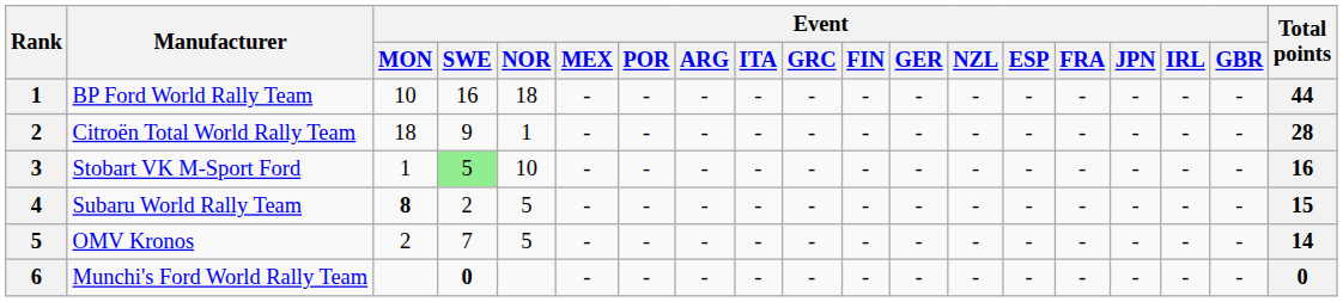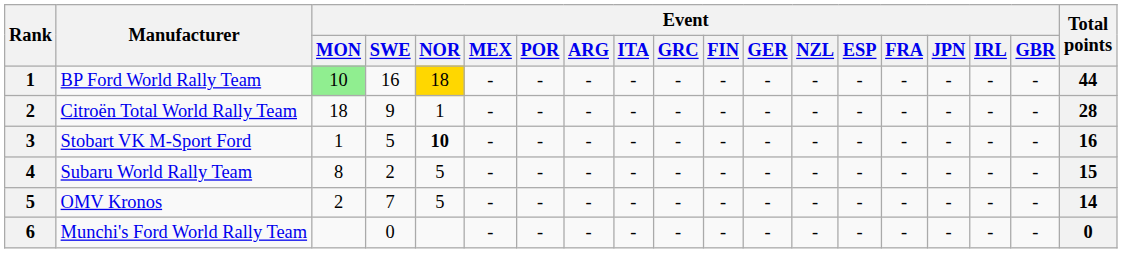 <table class="wikitable" style="text-align:center; font-size:90%;">
 <tr>
 <th rowspan=2>Rank</th>
 <th rowspan=2 style="width:16em">Manufacturer</th>
 <th colspan=16>Event</th>
 <th rowspan=2>Total<br>points</th>
 </tr>
 <tr valign="top">
 <th><a href='#'>MON</a><br></th>
 <th><a href='#'>SWE</a><br></th>
 <th><a href='#'>NOR</a><br></th>
 <th><a href='#'>MEX</a><br></th>
 <th><a href='#'>POR</a><br></th>
 <th><a href='#'>ARG</a><br></th>
 <th><a href='#'>ITA</a><br></th>
 <th><a href='#'>GRC</a><br></th>
 <th><a href='#'>FIN</a><br></th>
 <th><a href='#'>GER</a><br></th>
 <th><a href='#'>NZL</a><br></th>
 <th><a href='#'>ESP</a><br></th>
 <th><a href='#'>FRA</a><br></th>
 <th><a href='#'>JPN</a><br></th>
 <th><a href='#'>IRL</a><br></th>
 <th><a href='#'>GBR</a><br></th>
 </tr>
 <tr>
 <th>1</th>
 <td align=left><a href='#'>BP Ford World Rally Team</a></td>
-<td>10</td>
+<td style="background: lightgreen;">10</td>
 <td>16</td>
-<td>18</td>
+<td style="background: gold;">18</td>
 <td>-</td>
 <td>-</td>
 <td>-</td>
 <td>-</td>
 <td>-</td>
 <td>-</td>
 <td>-</td>
 <td>-</td>
 <td>-</td>
 <td>-</td>
 <td>-</td>
 <td>-</td>
 <td>-</td>
 <th>44</th>
 </tr>
 <tr>
 <th>2</th>
 <td align=left><a href='#'>Citroën Total World Rally Team</a></td>
 <td>18</td>
 <td>9</td>
 <td>1</td>
 <td>-</td>
 <td>-</td>
 <td>-</td>
 <td>-</td>
 <td>-</td>
 <td>-</td>
 <td>-</td>
 <td>-</td>
 <td>-</td>
 <td>-</td>
 <td>-</td>
 <td>-</td>
 <td>-</td>
 <th>28</th>
 </tr>
 <tr>
 <th>3</th>
 <td align=left><a href='#'>Stobart VK M-Sport Ford</a></td>
 <td>1</td>
-<td style="background: lightgreen;">5</td>
-<td>10</td>
+<td>5</td>
+<td><strong>10</strong></td>
 <td>-</td>
 <td>-</td>
 <td>-</td>
 <td>-</td>
 <td>-</td>
 <td>-</td>
 <td>-</td>
 <td>-</td>
 <td>-</td>
 <td>-</td>
 <td>-</td>
 <td>-</td>
 <td>-</td>
 <th>16</th>
 </tr>
 <tr>
 <th>4</th>
 <td align=left><a href='#'>Subaru World Rally Team</a></td>
-<td><strong>8</strong></td>
+<td>8</td>
 <td>2</td>
 <td>5</td>
 <td>-</td>
 <td>-</td>
 <td>-</td>
 <td>-</td>
 <td>-</td>
 <td>-</td>
 <td>-</td>
 <td>-</td>
 <td>-</td>
 <td>-</td>
 <td>-</td>
 <td>-</td>
 <td>-</td>
 <th>15</th>
 </tr>
 <tr>
 <th>5</th>
 <td align=left><a href='#'>OMV Kronos</a></td>
 <td>2</td>
 <td>7</td>
 <td>5</td>
 <td>-</td>
 <td>-</td>
 <td>-</td>
 <td>-</td>
 <td>-</td>
 <td>-</td>
 <td>-</td>
 <td>-</td>
 <td>-</td>
 <td>-</td>
 <td>-</td>
 <td>-</td>
 <td>-</td>
 <th>14</th>
 </tr>
 <tr>
 <th>6</th>
 <td align="left"><a href='#'>Munchi's Ford World Rally Team</a></td>
 <td></td>
-<td><strong>0</strong></td>
+<td>0</td>
 <td></td>
 <td>-</td>
 <td>-</td>
 <td>-</td>
 <td>-</td>
 <td>-</td>
 <td>-</td>
 <td>-</td>
 <td>-</td>
 <td>-</td>
 <td>-</td>
 <td>-</td>
 <td>-</td>
 <td>-</td>
 <th>0</th>
 </tr>
 </table>
